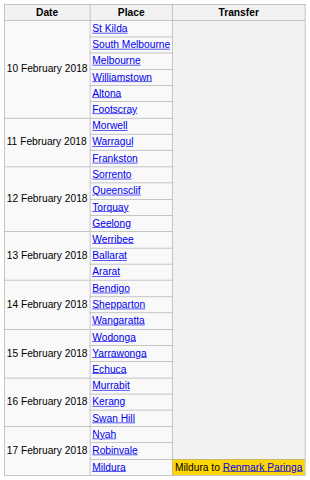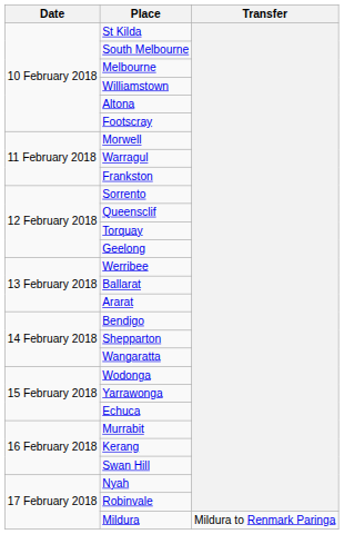 <table class="wikitable">
 <tr>
 <th>Date</th>
 <th>Place</th>
 <th>Transfer</th>
 </tr>
 <tr>
 <td rowspan="6">10 February 2018</td>
 <td><a href='#'>St Kilda</a></td>
 <th rowspan="27"></th>
 </tr>
 <tr>
 <td><a href='#'>South Melbourne</a></td>
 </tr>
 <tr>
 <td><a href='#'>Melbourne</a></td>
 </tr>
 <tr>
 <td><a href='#'>Williamstown</a></td>
 </tr>
 <tr>
 <td><a href='#'>Altona</a></td>
 </tr>
 <tr>
 <td><a href='#'>Footscray</a></td>
 </tr>
 <tr>
 <td rowspan="3">11 February 2018</td>
 <td><a href='#'>Morwell</a></td>
 </tr>
 <tr>
 <td><a href='#'>Warragul</a></td>
 </tr>
 <tr>
 <td><a href='#'>Frankston</a></td>
 </tr>
 <tr>
 <td rowspan="4">12 February 2018</td>
 <td><a href='#'>Sorrento</a></td>
 </tr>
 <tr>
 <td><a href='#'>Queensclif</a></td>
 </tr>
 <tr>
 <td><a href='#'>Torquay</a></td>
 </tr>
 <tr>
 <td><a href='#'>Geelong</a></td>
 </tr>
 <tr>
 <td rowspan="3">13 February 2018</td>
 <td><a href='#'>Werribee</a></td>
 </tr>
 <tr>
 <td><a href='#'>Ballarat</a></td>
 </tr>
 <tr>
 <td><a href='#'>Ararat</a></td>
 </tr>
 <tr>
 <td rowspan="3">14 February 2018</td>
 <td><a href='#'>Bendigo</a></td>
 </tr>
 <tr>
 <td><a href='#'>Shepparton</a></td>
 </tr>
 <tr>
 <td><a href='#'>Wangaratta</a></td>
 </tr>
 <tr>
 <td rowspan="3">15 February 2018</td>
 <td><a href='#'>Wodonga</a></td>
 </tr>
 <tr>
 <td><a href='#'>Yarrawonga</a></td>
 </tr>
 <tr>
 <td><a href='#'>Echuca</a></td>
 </tr>
 <tr>
 <td rowspan="3">16 February 2018</td>
 <td><a href='#'>Murrabit</a></td>
 </tr>
 <tr>
 <td><a href='#'>Kerang</a></td>
 </tr>
 <tr>
 <td><a href='#'>Swan Hill</a></td>
 </tr>
 <tr>
 <td rowspan="3">17 February 2018</td>
 <td><a href='#'>Nyah</a></td>
 </tr>
 <tr>
 <td><a href='#'>Robinvale</a></td>
 </tr>
 <tr>
 <td><a href='#'>Mildura</a></td>
-<td style="background: gold;">Mildura to <a href='#'>Renmark Paringa</a></td>
+<td>Mildura to <a href='#'>Renmark Paringa</a></td>
 </tr>
 </table>
